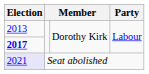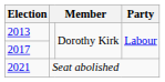 <table class="wikitable">
 <tr>
 <th>Election</th>
 <th colspan="2">Member</th>
 <th>Party</th>
 </tr>
 <tr>
 <td><a href='#'>2013</a></td>
 <td rowspan="2" style="background-color: "></td>
 <td rowspan="2">Dorothy Kirk</td>
 <td rowspan="2"><a href='#'>Labour</a></td>
 </tr>
 <tr>
-<td><strong><a href='#'>2017</a></strong></td>
+<td><a href='#'>2017</a></td>
 </tr>
 <tr>
-<td style="background: lavender;"><a href='#'>2021</a></td>
+<td><a href='#'>2021</a></td>
 <td colspan="3"><em>Seat abolished</em></td>
 </tr>
 </table>
